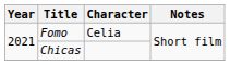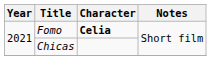 <table class="wikitable">
 <tr>
 <th>Year</th>
 <th>Title</th>
 <th>Character</th>
 <th>Notes</th>
 </tr>
 <tr>
 <td rowspan=2>2021</td>
 <td><em>Fomo</em></td>
-<td>Celia</td>
+<td><strong>Celia</strong></td>
 <td rowspan=2>Short film</td>
 </tr>
 <tr>
 <td><em>Chicas</em></td>
 <td></td>
 </tr>
 <tr>
 </tr>
 </table>
